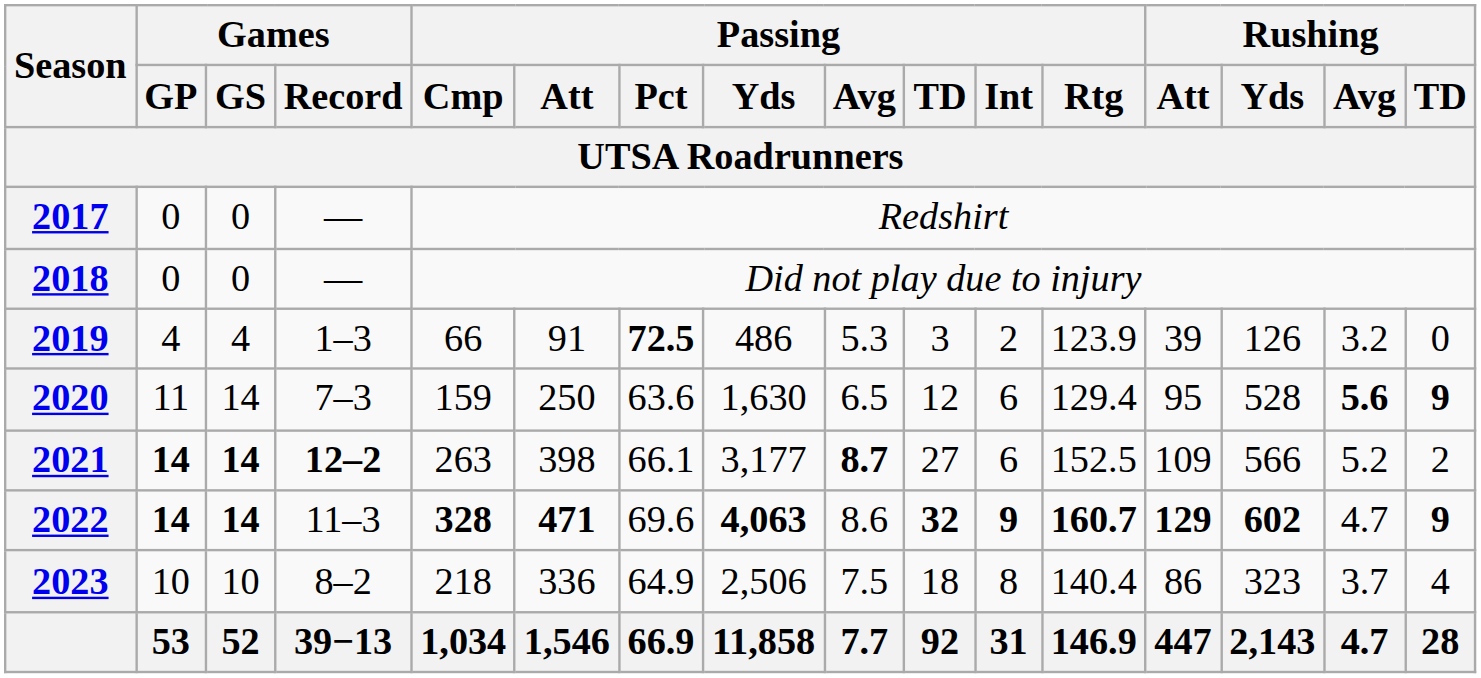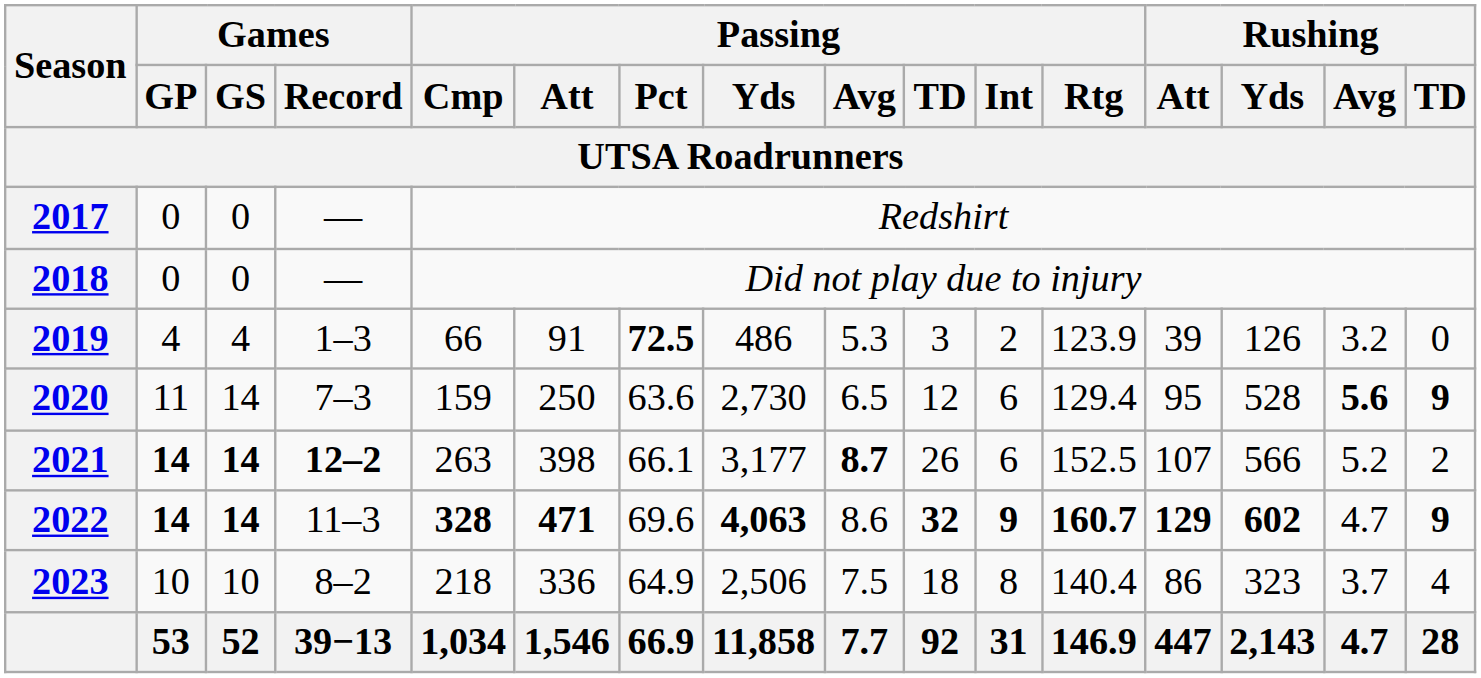 <table class="wikitable" style="text-align:center;">
 <tr>
 <th rowspan="2">Season</th>
 <th colspan="3">Games</th>
 <th colspan="8">Passing</th>
 <th colspan="5">Rushing</th>
 </tr>
 <tr>
 <th>GP</th>
 <th>GS</th>
 <th>Record</th>
 <th>Cmp</th>
 <th>Att</th>
 <th>Pct</th>
 <th>Yds</th>
 <th>Avg</th>
 <th>TD</th>
 <th>Int</th>
 <th>Rtg</th>
 <th>Att</th>
 <th>Yds</th>
 <th>Avg</th>
 <th>TD</th>
 </tr>
 <tr>
 <th colspan="16">UTSA Roadrunners</th>
 </tr>
 <tr>
 <th><a href='#'>2017</a></th>
 <td>0</td>
 <td>0</td>
 <td>—</td>
 <td colspan="12"><em>Redshirt </em></td>
 </tr>
 <tr>
 <th><a href='#'>2018</a></th>
 <td>0</td>
 <td>0</td>
 <td>—</td>
 <td colspan="12"><em>Did not play due to injury</em></td>
 </tr>
 <tr>
 <th><a href='#'>2019</a></th>
 <td>4</td>
 <td>4</td>
 <td>1–3</td>
 <td>66</td>
 <td>91</td>
 <td><strong>72.5</strong></td>
 <td>486</td>
 <td>5.3</td>
 <td>3</td>
 <td>2</td>
 <td>123.9</td>
 <td>39</td>
 <td>126</td>
 <td>3.2</td>
 <td>0</td>
 </tr>
 <tr>
 <th><a href='#'>2020</a></th>
 <td>11</td>
 <td>14</td>
 <td>7–3</td>
 <td>159</td>
 <td>250</td>
 <td>63.6</td>
-<td>1,630</td>
+<td>2,730</td>
 <td>6.5</td>
 <td>12</td>
 <td>6</td>
 <td>129.4</td>
 <td>95</td>
 <td>528</td>
 <td><strong>5.6</strong></td>
 <td><strong>9</strong></td>
 </tr>
 <tr>
 <th><a href='#'>2021</a></th>
 <td><strong>14</strong></td>
 <td><strong>14</strong></td>
 <td><strong>12–2</strong></td>
 <td>263</td>
 <td>398</td>
 <td>66.1</td>
 <td>3,177</td>
 <td><strong>8.7</strong></td>
-<td>27</td>
+<td>26</td>
 <td>6</td>
 <td>152.5</td>
-<td>109</td>
+<td>107</td>
 <td>566</td>
 <td>5.2</td>
 <td>2</td>
 </tr>
 <tr>
 <th><a href='#'>2022</a></th>
 <td><strong>14</strong></td>
 <td><strong>14</strong></td>
 <td>11–3</td>
 <td><strong>328</strong></td>
 <td><strong>471</strong></td>
 <td>69.6</td>
 <td><strong>4,063</strong></td>
 <td>8.6</td>
 <td><strong>32</strong></td>
 <td><strong>9</strong></td>
 <td><strong>160.7</strong></td>
 <td><strong>129</strong></td>
 <td><strong>602</strong></td>
 <td>4.7</td>
 <td><strong>9</strong></td>
 </tr>
 <tr>
 <th><a href='#'>2023</a></th>
 <td>10</td>
 <td>10</td>
 <td>8–2</td>
 <td>218</td>
 <td>336</td>
 <td>64.9</td>
 <td>2,506</td>
 <td>7.5</td>
 <td>18</td>
 <td>8</td>
 <td>140.4</td>
 <td>86</td>
 <td>323</td>
 <td>3.7</td>
 <td>4</td>
 </tr>
 <tr>
 <th></th>
 <th>53</th>
 <th>52</th>
 <th>39−13</th>
 <th>1,034</th>
 <th>1,546</th>
 <th>66.9</th>
 <th>11,858</th>
 <th>7.7</th>
 <th>92</th>
 <th>31</th>
 <th>146.9</th>
 <th>447</th>
 <th>2,143</th>
 <th>4.7</th>
 <th>28</th>
 </tr>
 </table>
